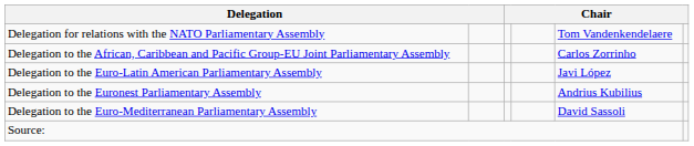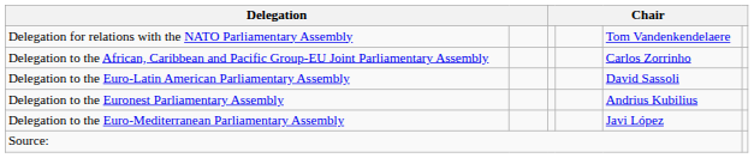 <table class="wikitable">
 <tr>
 <th colspan=2 style="width:647px">Delegation</th>
 <th colspan="5">Chair</th>
 </tr>
 <tr>
 <td>Delegation for relations with the <a href='#'>NATO Parliamentary Assembly</a></td>
 <td style="width:40px" align="center"><strong></strong></td>
 <td style="background-color:"></td>
 <td style="width:50px"><strong></strong></td>
 <td style="width:160px"><a href='#'>Tom Vandenkendelaere</a></td>
 <td></td>
 </tr>
 <tr>
 <td>Delegation to the <a href='#'>African, Caribbean and Pacific Group-EU Joint Parliamentary Assembly</a></td>
 <td align="center"><strong></strong></td>
 <td style="width:1px;" style="background-color:"></td>
 <td><strong></strong></td>
 <td><a href='#'>Carlos Zorrinho</a></td>
 <td></td>
 </tr>
 <tr>
 <td>Delegation to the <a href='#'>Euro-Latin American Parliamentary Assembly</a></td>
 <td align="center"><strong></strong></td>
 <td style="width:1px;" style="background-color:"></td>
 <td><strong></strong></td>
-<td><a href='#'>Javi López</a></td>
+<td><a href='#'>David Sassoli</a></td>
 <td></td>
 </tr>
 <tr>
 <td>Delegation to the <a href='#'>Euronest Parliamentary Assembly</a></td>
 <td align="center"><strong></strong></td>
 <td style="background-color:"></td>
 <td><strong></strong></td>
 <td><a href='#'>Andrius Kubilius</a></td>
 <td></td>
 </tr>
 <tr>
 <td>Delegation to the <a href='#'>Euro-Mediterranean Parliamentary Assembly</a></td>
 <td align="center"><strong></strong></td>
 <td style="width:1px;" style="background-color:"></td>
 <td><strong></strong></td>
-<td><a href='#'>David Sassoli</a></td>
+<td><a href='#'>Javi López</a></td>
 <td></td>
 </tr>
 <tr>
 <td colspan=5>Source:</td>
 <td></td>
 </tr>
 </table>
